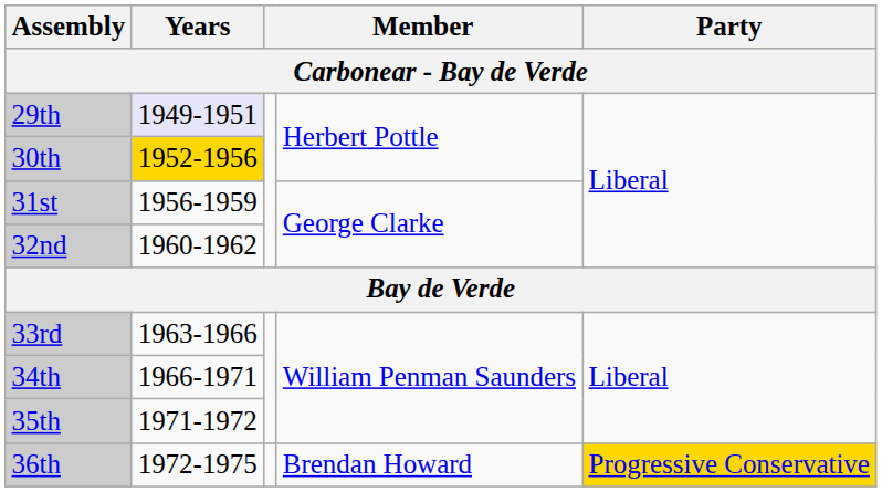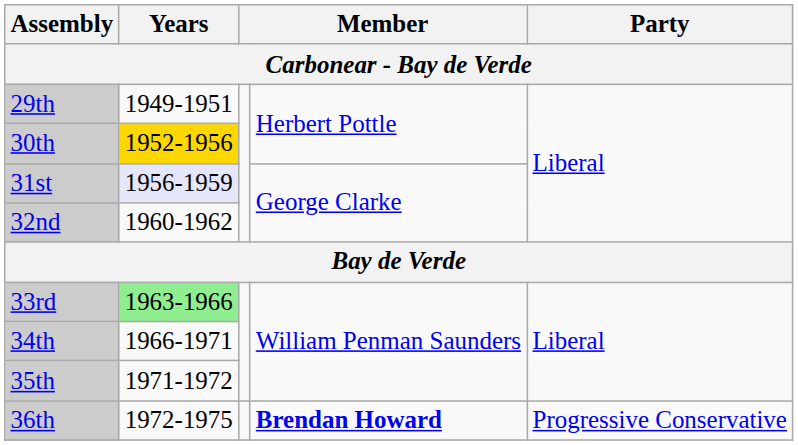 <table class="wikitable">
 <tr>
 <th>Assembly</th>
 <th>Years</th>
 <th colspan="2">Member</th>
 <th>Party</th>
 </tr>
 <tr>
 <th colspan="5"><em>Carbonear - Bay de Verde</em></th>
 </tr>
 <tr>
 <td bgcolor="CCCCCC"><a href='#'>29th</a></td>
-<td style="background: lavender;">1949-1951</td>
+<td>1949-1951</td>
 <td rowspan="4" ></td>
 <td rowspan="2"><a href='#'>Herbert Pottle</a></td>
 <td rowspan="4"><a href='#'>Liberal</a></td>
 </tr>
 <tr>
 <td bgcolor="CCCCCC"><a href='#'>30th</a></td>
 <td style="background: gold;">1952-1956</td>
 </tr>
 <tr>
 <td bgcolor="CCCCCC"><a href='#'>31st</a></td>
-<td>1956-1959</td>
+<td style="background: lavender;">1956-1959</td>
 <td rowspan="2"><a href='#'>George Clarke</a></td>
 </tr>
 <tr>
 <td bgcolor="CCCCCC"><a href='#'>32nd</a></td>
 <td>1960-1962</td>
 </tr>
 <tr>
 <th colspan="5"><em>Bay de Verde</em></th>
 </tr>
 <tr>
 <td bgcolor="CCCCCC"><a href='#'>33rd</a></td>
-<td>1963-1966</td>
+<td style="background: lightgreen;">1963-1966</td>
 <td rowspan="3" ></td>
 <td rowspan="3"><a href='#'>William Penman Saunders</a></td>
 <td rowspan="3"><a href='#'>Liberal</a></td>
 </tr>
 <tr>
 <td bgcolor="CCCCCC"><a href='#'>34th</a></td>
 <td>1966-1971</td>
 </tr>
 <tr>
 <td bgcolor="CCCCCC"><a href='#'>35th</a></td>
 <td>1971-1972</td>
 </tr>
 <tr>
 <td bgcolor="CCCCCC"><a href='#'>36th</a></td>
 <td>1972-1975</td>
 <td></td>
-<td><a href='#'>Brendan Howard</a></td>
-<td style="background: gold;"><a href='#'>Progressive Conservative</a></td>
+<td><strong><a href='#'>Brendan Howard</a></strong></td>
+<td><a href='#'>Progressive Conservative</a></td>
 </tr>
 </table>
